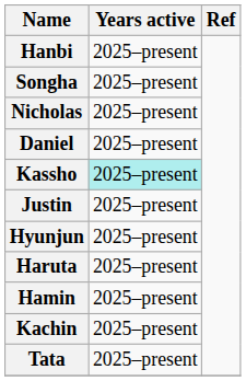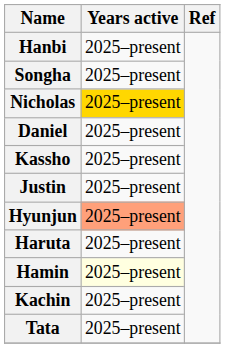 <table class="wikitable plainrowheaders sortable" style="text-align:center">
 <tr>
 <th>Name</th>
 <th>Years active</th>
 <th class="unsortable">Ref</th>
 </tr>
 <tr>
 <th scope="row">Hanbi</th>
 <td>2025–present</td>
 <td rowspan="11"></td>
 </tr>
 <tr>
 <th scope="row">Songha</th>
 <td>2025–present</td>
 </tr>
 <tr>
 <th scope="row">Nicholas</th>
-<td>2025–present</td>
+<td style="background: gold;">2025–present</td>
 </tr>
 <tr>
 <th scope="row">Daniel</th>
 <td>2025–present</td>
 </tr>
 <tr>
 <th scope="row">Kassho</th>
-<td style="background: paleturquoise;">2025–present</td>
+<td>2025–present</td>
 </tr>
 <tr>
 <th scope="row">Justin</th>
 <td>2025–present</td>
 </tr>
 <tr>
 <th scope="row">Hyunjun</th>
-<td>2025–present</td>
+<td style="background: lightsalmon;">2025–present</td>
 </tr>
 <tr>
 <th scope="row">Haruta</th>
 <td>2025–present</td>
 </tr>
 <tr>
 <th scope="row">Hamin</th>
-<td>2025–present</td>
+<td style="background: lightyellow;">2025–present</td>
 </tr>
 <tr>
 <th scope="row">Kachin</th>
 <td>2025–present</td>
 </tr>
 <tr>
 <th scope="row">Tata</th>
 <td>2025–present</td>
 </tr>
 <tr>
 </tr>
 </table>
